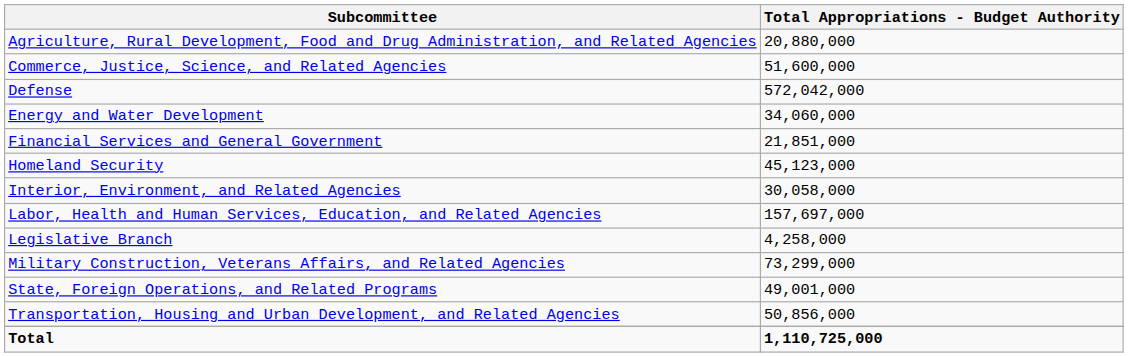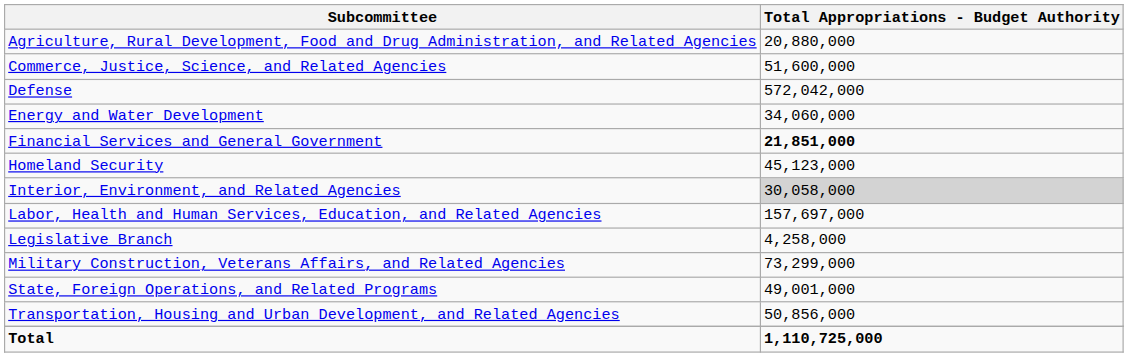 <table class="wikitable sortable">
 <tr>
 <th>Subcommittee</th>
 <th>Total Appropriations - Budget Authority</th>
 </tr>
 <tr>
 <td><a href='#'>Agriculture, Rural Development, Food and Drug Administration, and Related Agencies</a></td>
 <td>20,880,000</td>
 </tr>
 <tr>
 <td><a href='#'>Commerce, Justice, Science, and Related Agencies</a></td>
 <td>51,600,000</td>
 </tr>
 <tr>
 <td><a href='#'>Defense</a></td>
 <td>572,042,000</td>
 </tr>
 <tr>
 <td><a href='#'>Energy and Water Development</a></td>
 <td>34,060,000</td>
 </tr>
 <tr>
 <td><a href='#'>Financial Services and General Government</a></td>
-<td>21,851,000</td>
+<td><strong>21,851,000</strong></td>
 </tr>
 <tr>
 <td><a href='#'>Homeland Security</a></td>
 <td>45,123,000</td>
 </tr>
 <tr>
 <td><a href='#'>Interior, Environment, and Related Agencies</a></td>
-<td>30,058,000</td>
+<td style="background: lightgrey;">30,058,000</td>
 </tr>
 <tr>
 <td><a href='#'>Labor, Health and Human Services, Education, and Related Agencies</a></td>
 <td>157,697,000</td>
 </tr>
 <tr>
 <td><a href='#'>Legislative Branch</a></td>
 <td>4,258,000</td>
 </tr>
 <tr>
 <td><a href='#'>Military Construction, Veterans Affairs, and Related Agencies</a></td>
 <td>73,299,000</td>
 </tr>
 <tr>
 <td><a href='#'>State, Foreign Operations, and Related Programs</a></td>
 <td>49,001,000</td>
 </tr>
 <tr>
 <td><a href='#'>Transportation, Housing and Urban Development, and Related Agencies</a></td>
 <td>50,856,000</td>
 </tr>
 <tr>
 </tr>
 <tr class="sortbottom">
 <td><strong>Total</strong></td>
 <td><strong>1,110,725,000</strong></td>
 </tr>
 </table>
